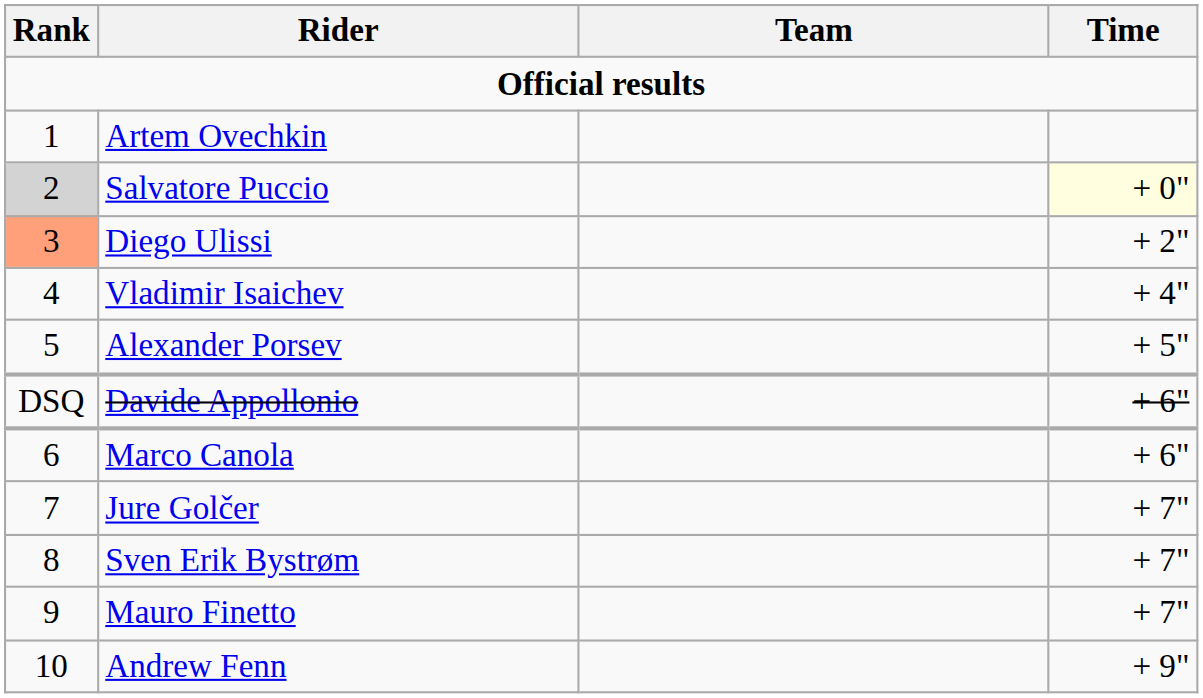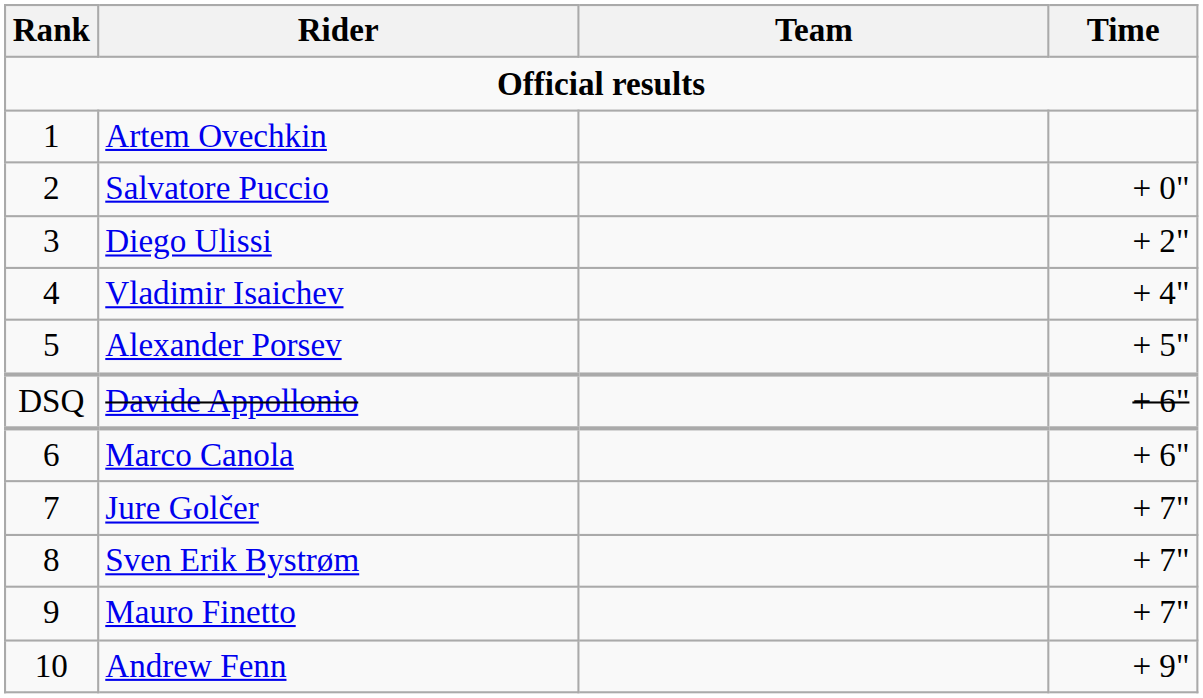 <table class="wikitable">
 <tr>
 <th>Rank</th>
 <th>Rider</th>
 <th>Team</th>
 <th>Time</th>
 </tr>
 <tr>
 <td align=center colspan=4><strong>Official results</strong></td>
 </tr>
 <tr>
 <td align=center>1</td>
 <td width=225> <a href='#'>Artem Ovechkin</a> </td>
 <td width=220></td>
 <td align=right width=64></td>
 </tr>
 <tr>
-<td align=center style="background: lightgrey;">2</td>
+<td align=center>2</td>
 <td> <a href='#'>Salvatore Puccio</a></td>
 <td></td>
-<td style="background: lightyellow; text-align:right;">+ 0"</td>
+<td style="text-align:right;">+ 0"</td>
 </tr>
 <tr>
-<td align=center style="background: lightsalmon;">3</td>
+<td align=center>3</td>
 <td> <a href='#'>Diego Ulissi</a></td>
 <td></td>
 <td style="text-align:right;">+ 2"</td>
 </tr>
 <tr>
 <td align=center>4</td>
 <td> <a href='#'>Vladimir Isaichev</a></td>
 <td></td>
 <td style="text-align:right;">+ 4"</td>
 </tr>
 <tr>
 <td align=center>5</td>
 <td> <a href='#'>Alexander Porsev</a></td>
 <td></td>
 <td style="text-align:right;">+ 5"</td>
 </tr>
 <tr>
 <td style="border-top-width:2px" align=center>DSQ</td>
 <td style="border-top-width:2px"><s> <a href='#'>Davide Appollonio</a></s></td>
 <td style="border-top-width:2px"><s></s></td>
 <td style="border-top-width:2px" align=right><s>+ 6"</s></td>
 </tr>
 <tr>
 <td style="border-top-width:2px" align=center>6</td>
 <td style="border-top-width:2px"> <a href='#'>Marco Canola</a></td>
 <td style="border-top-width:2px"></td>
 <td style="border-top-width:2px" align=right>+ 6"</td>
 </tr>
 <tr>
 <td align=center>7</td>
 <td> <a href='#'>Jure Golčer</a></td>
 <td></td>
 <td style="text-align:right;">+ 7"</td>
 </tr>
 <tr>
 <td align=center>8</td>
 <td> <a href='#'>Sven Erik Bystrøm</a></td>
 <td></td>
 <td style="text-align:right;">+ 7"</td>
 </tr>
 <tr>
 <td align=center>9</td>
 <td> <a href='#'>Mauro Finetto</a></td>
 <td></td>
 <td style="text-align:right;">+ 7"</td>
 </tr>
 <tr>
 <td align=center>10</td>
 <td> <a href='#'>Andrew Fenn</a></td>
 <td></td>
 <td style="text-align:right;">+ 9"</td>
 </tr>
 </table>
